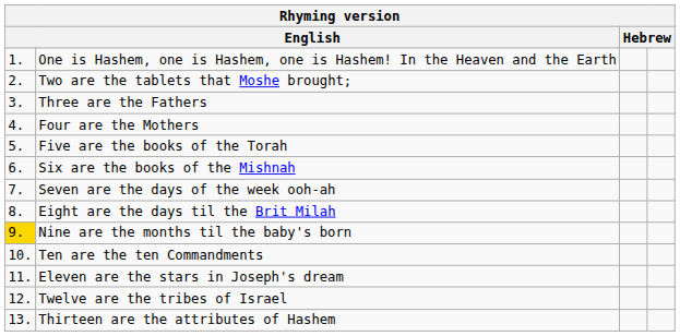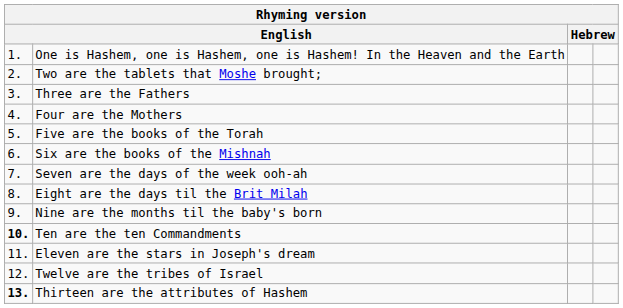 <table class="wikitable">
 <tr>
 <th ! colspan=4><strong>Rhyming version</strong></th>
 </tr>
 <tr>
 <th ! colspan=2>English</th>
 <th ! colspan=2>Hebrew</th>
 </tr>
 <tr>
 <td>1.</td>
 <td>One is Hashem, one is Hashem, one is Hashem! In the Heaven and the Earth</td>
 <td style="text-align:right;"></td>
 <td style="text-align:right;"></td>
 </tr>
 <tr>
 <td>2.</td>
 <td>Two are the tablets that <a href='#'>Moshe</a> brought;</td>
 <td style="text-align:right;"></td>
 <td style="text-align:right;"></td>
 </tr>
 <tr>
 <td>3.</td>
 <td>Three are the Fathers</td>
 <td style="text-align:right;"></td>
 <td style="text-align:right;"></td>
 </tr>
 <tr>
 <td>4.</td>
 <td>Four are the Mothers</td>
 <td style="text-align:right;"></td>
 <td style="text-align:right;"></td>
 </tr>
 <tr>
 <td>5.</td>
 <td>Five are the books of the Torah</td>
 <td style="text-align:right;"></td>
 <td style="text-align:right;"></td>
 </tr>
 <tr>
 <td>6.</td>
 <td>Six are the books of the <a href='#'>Mishnah</a></td>
 <td style="text-align:right;"></td>
 <td style="text-align:right;"></td>
 </tr>
 <tr>
 <td>7.</td>
 <td>Seven are the days of the week ooh-ah</td>
 <td style="text-align:right;"></td>
 <td style="text-align:right;"></td>
 </tr>
 <tr>
 <td>8.</td>
 <td>Eight are the days til the <a href='#'>Brit Milah</a></td>
 <td style="text-align:right;"></td>
 <td style="text-align:right;"></td>
 </tr>
 <tr>
-<td style="background: gold;">9.</td>
+<td>9.</td>
 <td>Nine are the months til the baby's born</td>
 <td style="text-align:right;"></td>
 <td style="text-align:right;"></td>
 </tr>
 <tr>
-<td>10.</td>
+<td><strong>10.</strong></td>
 <td>Ten are the ten Commandments</td>
 <td style="text-align:right;"></td>
 <td style="text-align:right;"></td>
 </tr>
 <tr>
 <td>11.</td>
 <td>Eleven are the stars in Joseph's dream</td>
 <td style="text-align:right;"></td>
 <td style="text-align:right;"></td>
 </tr>
 <tr>
 <td>12.</td>
 <td>Twelve are the tribes of Israel</td>
 <td style="text-align:right;"></td>
 <td style="text-align:right;"></td>
 </tr>
 <tr>
-<td>13.</td>
+<td><strong>13.</strong></td>
 <td>Thirteen are the attributes of Hashem</td>
 <td style="text-align:right;"></td>
 <td style="text-align:right;"></td>
 </tr>
 </table>
